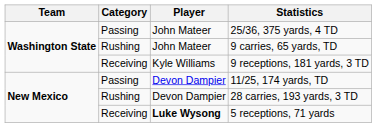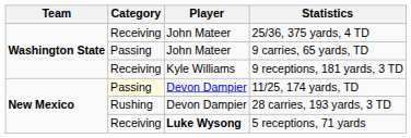 <table class="wikitable" style="float: right;">
 <tr>
 <th>Team</th>
 <th>Category</th>
 <th>Player</th>
 <th>Statistics</th>
 </tr>
 <tr>
 <td rowspan=3><strong>Washington State</strong></td>
-<td>Passing</td>
+<td>Receiving</td>
 <td>John Mateer</td>
 <td>25/36, 375 yards, 4 TD</td>
 </tr>
 <tr>
-<td>Rushing</td>
+<td>Passing</td>
 <td>John Mateer</td>
 <td>9 carries, 65 yards, TD</td>
 </tr>
 <tr>
 <td>Receiving</td>
 <td>Kyle Williams</td>
 <td>9 receptions, 181 yards, 3 TD</td>
 </tr>
 <tr>
 <td rowspan=3><strong>New Mexico</strong></td>
-<td>Passing</td>
+<td style="background: lightyellow;">Passing</td>
 <td><a href='#'>Devon Dampier</a></td>
 <td>11/25, 174 yards, TD</td>
 </tr>
 <tr>
 <td>Rushing</td>
 <td>Devon Dampier</td>
 <td>28 carries, 193 yards, 3 TD</td>
 </tr>
 <tr>
 <td>Receiving</td>
 <td><strong>Luke Wysong</strong></td>
 <td>5 receptions, 71 yards</td>
 </tr>
 </table>
